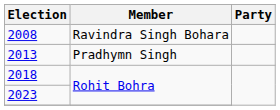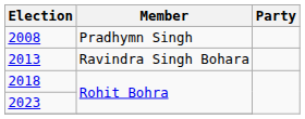 <table class="wikitable sortable">
 <tr>
 <th>Election</th>
 <th>Member</th>
 <th colspan=2>Party</th>
 </tr>
 <tr>
 <td><a href='#'>2008</a></td>
-<td>Ravindra Singh Bohara</td>
+<td>Pradhymn Singh</td>
 <td></td>
 </tr>
 <tr>
 <td><a href='#'>2013</a></td>
-<td>Pradhymn Singh</td>
+<td>Ravindra Singh Bohara</td>
 <td></td>
 </tr>
 <tr>
 <td><a href='#'>2018</a></td>
 <td rowspan=2><a href='#'>Rohit Bohra</a></td>
 </tr>
 <tr>
 <td><a href='#'>2023</a></td>
 </tr>
 <tr>
 </tr>
 </table>
